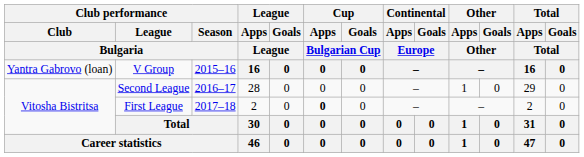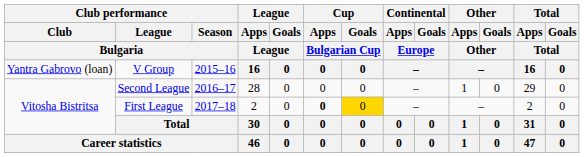 <table class="wikitable" style="text-align: center">
 <tr>
 <th Colspan="3">Club performance</th>
 <th Colspan="2">League</th>
 <th Colspan="2">Cup</th>
 <th Colspan="2">Continental</th>
 <th Colspan="2">Other</th>
 <th Colspan="3">Total</th>
 </tr>
 <tr>
 <th>Club</th>
 <th>League</th>
 <th>Season</th>
 <th>Apps</th>
 <th>Goals</th>
 <th>Apps</th>
 <th>Goals</th>
 <th>Apps</th>
 <th>Goals</th>
 <th>Apps</th>
 <th>Goals</th>
 <th>Apps</th>
 <th>Goals</th>
 </tr>
 <tr>
 <th Colspan="3">Bulgaria</th>
 <th Colspan="2">League</th>
 <th Colspan="2"><a href='#'>Bulgarian Cup</a></th>
 <th Colspan="2"><a href='#'>Europe</a></th>
 <th Colspan="2">Other</th>
 <th Colspan="2">Total</th>
 </tr>
 <tr>
 <td rowspan="1" valign="center"><a href='#'>Yantra Gabrovo</a> (loan)</td>
 <td rowspan="1"><a href='#'>V Group</a></td>
 <td><a href='#'>2015–16</a></td>
 <th>16</th>
 <th>0</th>
 <th>0</th>
 <th>0</th>
 <th colspan="2">–</th>
 <th colspan="2">–</th>
 <th>16</th>
 <th>0</th>
 </tr>
 <tr>
 <td rowspan="3" valign="center"><a href='#'>Vitosha Bistritsa</a></td>
 <td rowspan="1"><a href='#'>Second League</a></td>
 <td><a href='#'>2016–17</a></td>
 <td>28</td>
 <td>0</td>
 <td>0</td>
 <td>0</td>
 <td colspan="2">–</td>
 <td>1</td>
 <td>0</td>
 <td>29</td>
 <td>0</td>
 </tr>
 <tr>
 <td rowspan="1"><a href='#'>First League</a></td>
 <td><a href='#'>2017–18</a></td>
 <td>2</td>
 <td>0</td>
 <td><strong>0</strong></td>
-<td>0</td>
+<td style="background: gold;">0</td>
 <td colspan="2">–</td>
 <td colspan="2">–</td>
 <td>2</td>
 <td>0</td>
 </tr>
 <tr>
 <th colspan=2>Total</th>
 <th>30</th>
 <th>0</th>
 <th>0</th>
 <th>0</th>
 <th>0</th>
 <th>0</th>
 <th>1</th>
 <th>0</th>
 <th>31</th>
 <th>0</th>
 </tr>
 <tr>
 <th colspan="3">Career statistics</th>
 <th>46</th>
 <th>0</th>
 <th>0</th>
 <th>0</th>
 <th>0</th>
 <th>0</th>
 <th>1</th>
 <th>0</th>
 <th>47</th>
 <th>0</th>
 </tr>
 </table>
